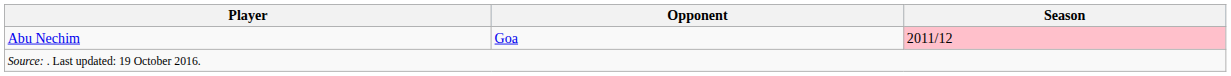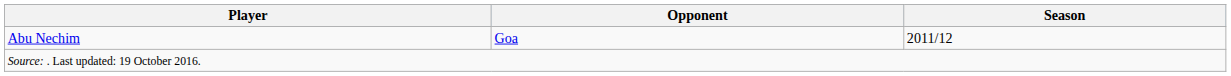 <table class="wikitable" width=70%>
 <tr bgcolor=#87cefa>
 <th>Player</th>
 <th>Opponent</th>
 <th>Season</th>
 </tr>
 <tr>
 <td><a href='#'>Abu Nechim</a></td>
 <td><a href='#'>Goa</a></td>
-<td style="background: pink;">2011/12</td>
+<td>2011/12</td>
 </tr>
 <tr>
 <td colspan=3><small><em>Source: </em>. Last updated: 19 October 2016.</small></td>
 </tr>
 </table>
